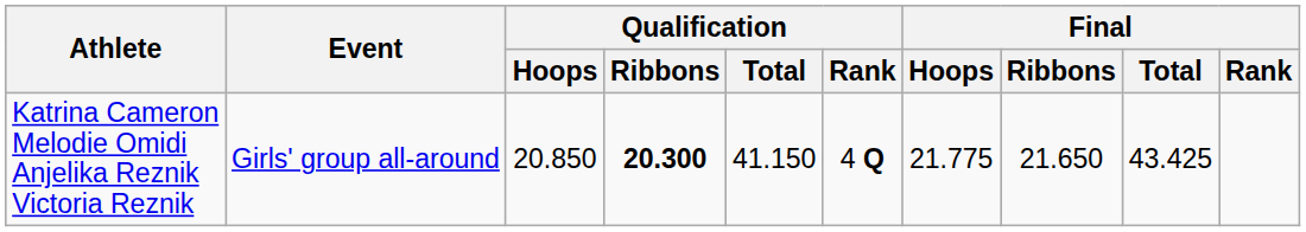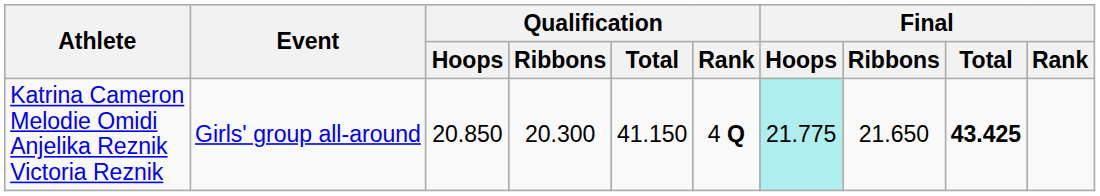 <table class="wikitable" border="1" style="font-size:90%">
 <tr>
 <th rowspan=2>Athlete</th>
 <th rowspan=2>Event</th>
 <th colspan=4>Qualification</th>
 <th colspan=4>Final</th>
 </tr>
 <tr>
 <th>Hoops</th>
 <th>Ribbons</th>
 <th>Total</th>
 <th>Rank</th>
 <th>Hoops</th>
 <th>Ribbons</th>
 <th>Total</th>
 <th>Rank</th>
 </tr>
 <tr>
 <td><a href='#'>Katrina Cameron</a><br><a href='#'>Melodie Omidi</a><br><a href='#'>Anjelika Reznik</a><br><a href='#'>Victoria Reznik</a></td>
 <td><a href='#'>Girls' group all-around</a></td>
 <td align=center>20.850</td>
-<td align=center><strong>20.300</strong></td>
+<td align=center>20.300</td>
 <td align=center>41.150</td>
 <td align=center>4 <strong>Q</strong></td>
-<td align=center>21.775</td>
+<td align=center style="background: paleturquoise;">21.775</td>
 <td align=center>21.650</td>
-<td align=center>43.425</td>
+<td align=center><strong>43.425</strong></td>
 <td align=center></td>
 </tr>
 </table>
